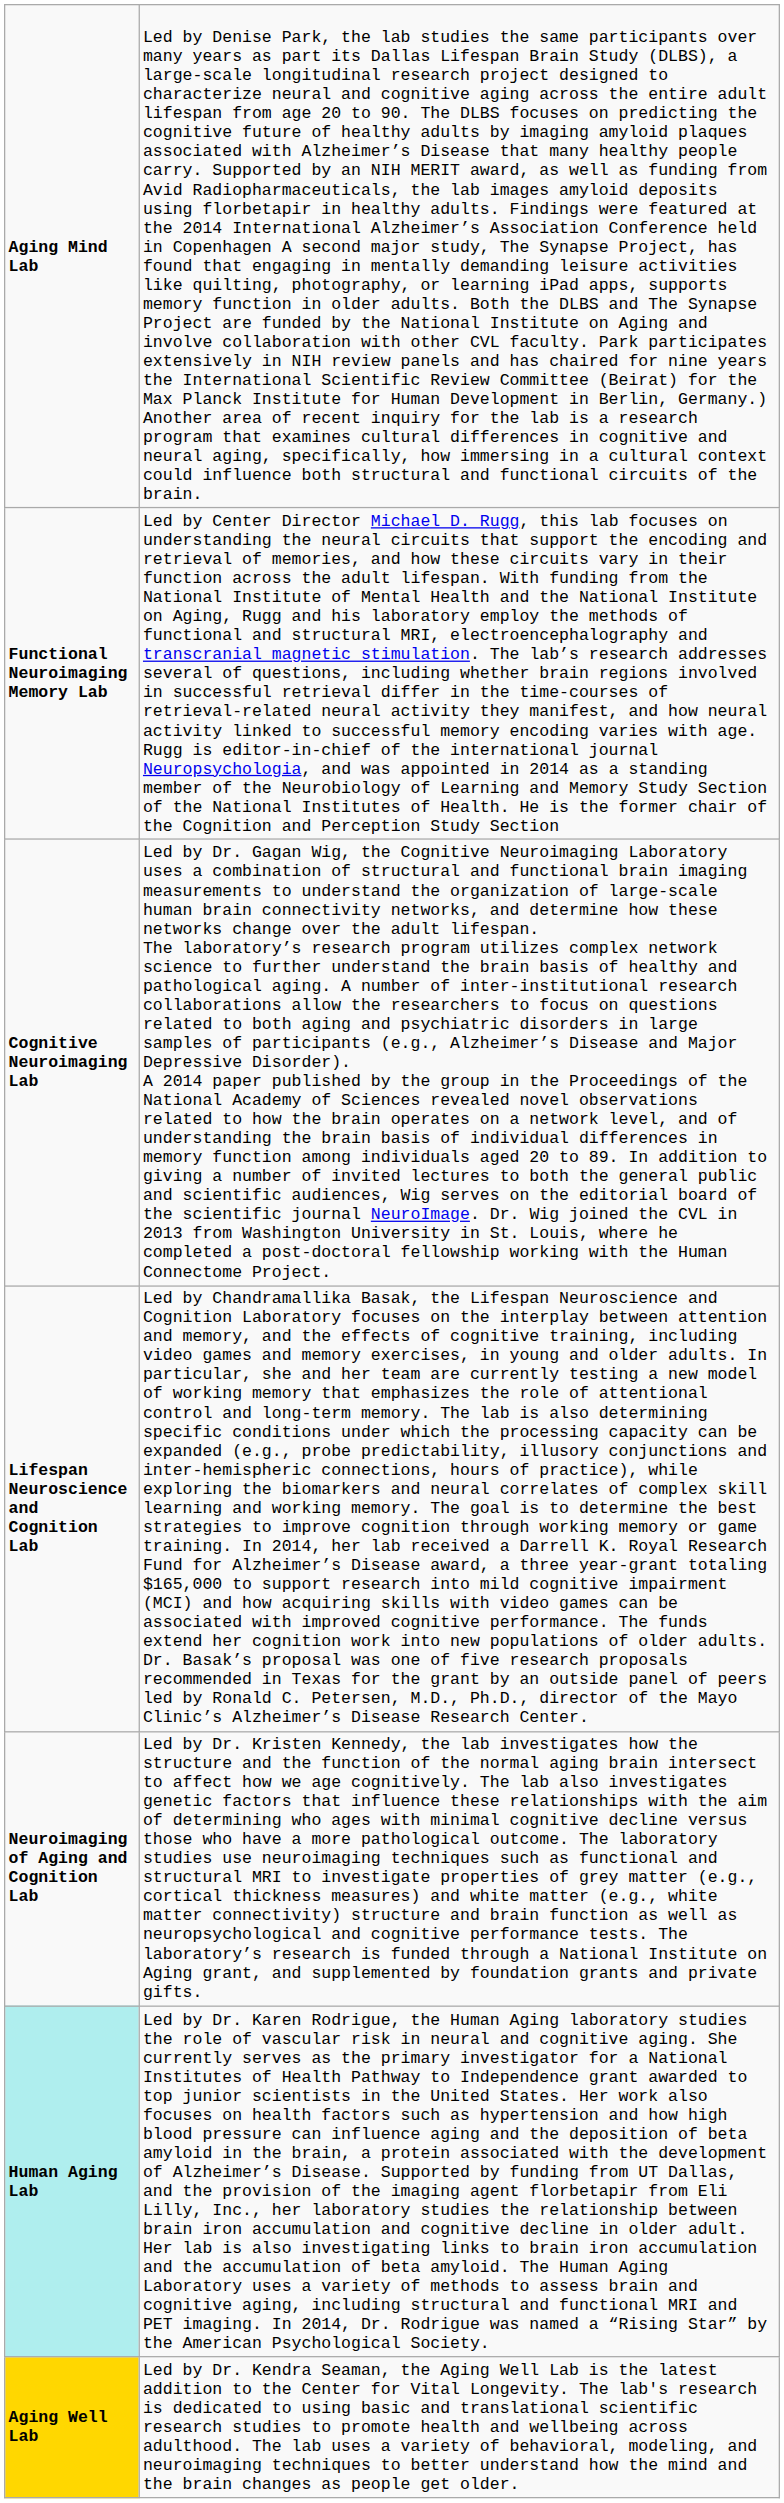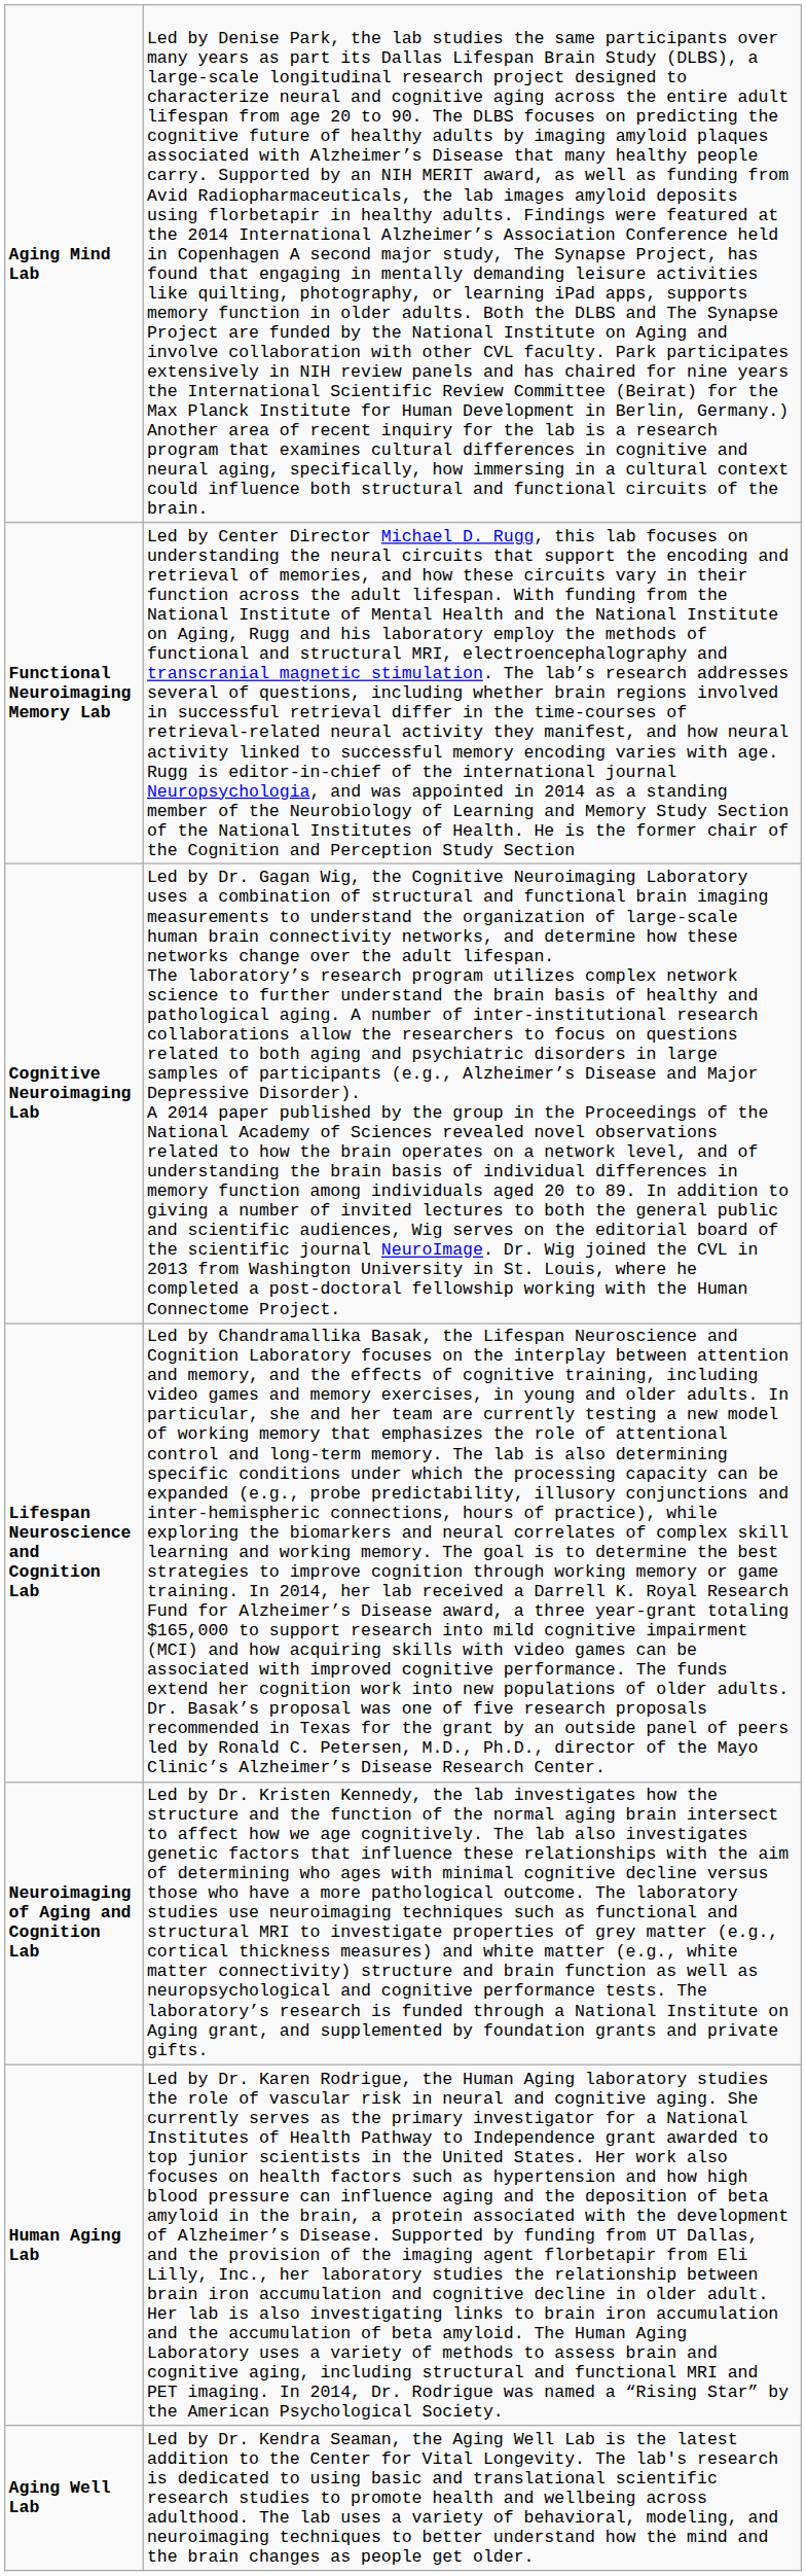 <table class="wikitable">
 <tr>
 <td><strong>Aging Mind Lab</strong> </td>
 <td><br>Led by Denise Park, the lab studies the same participants over many years as part its Dallas Lifespan Brain Study (DLBS), a large-scale longitudinal research project designed to characterize neural and cognitive aging across the entire adult lifespan from age 20 to 90. The DLBS focuses on predicting the cognitive future of healthy adults by imaging amyloid plaques associated with Alzheimer’s Disease that many healthy people carry. Supported by an NIH MERIT award, as well as funding from Avid Radiopharmaceuticals, the lab images amyloid deposits using florbetapir in healthy adults. Findings were featured at the 2014 International Alzheimer’s Association Conference held in Copenhagen  A second major study, The Synapse Project, has found that engaging in mentally demanding leisure activities like quilting, photography, or learning iPad apps, supports memory function in older adults. Both the DLBS and The Synapse Project are funded by the National Institute on Aging and involve collaboration with other CVL faculty. Park participates extensively in NIH review panels and has chaired for nine years the International Scientific Review Committee (Beirat) for the Max Planck Institute for Human Development in Berlin, Germany.) Another area of recent inquiry for the lab is a research program that examines cultural differences in cognitive and neural aging, specifically, how immersing in a cultural context could influence both structural and functional circuits of the brain.</td>
 </tr>
 <tr>
 <td><strong>Functional Neuroimaging Memory Lab</strong></td>
 <td>Led by Center Director <a href='#'>Michael D. Rugg</a>, this lab focuses on understanding the neural circuits that support the encoding and retrieval of memories, and how these circuits vary in their function across the adult lifespan. With funding from the National Institute of Mental Health and the National Institute on Aging, Rugg and his laboratory employ the methods of functional and structural MRI, electroencephalography and <a href='#'>transcranial magnetic stimulation</a>. The lab’s research addresses several of questions, including whether brain regions involved in successful retrieval differ in the time-courses of retrieval-related neural activity they manifest, and how neural activity linked to successful memory encoding varies with age.<br>Rugg is editor-in-chief of the international journal <a href='#'>Neuropsychologia</a>, and was appointed in 2014 as a standing member of the Neurobiology of Learning and Memory Study Section of the National Institutes of Health. He is the former chair of the Cognition and Perception Study Section</td>
 </tr>
 <tr>
 <td><strong>Cognitive Neuroimaging Lab</strong></td>
 <td>Led by Dr. Gagan Wig, the Cognitive Neuroimaging Laboratory uses a combination of structural and functional brain imaging measurements to understand the organization of large-scale human brain connectivity networks, and determine how these networks change over the adult lifespan.<br>The laboratory’s research program utilizes complex network science to further understand the brain basis of healthy and pathological aging. A number of inter-institutional research collaborations allow the researchers to focus on questions related to both aging and psychiatric disorders in large samples of participants (e.g., Alzheimer’s Disease and Major Depressive Disorder).<br>A 2014 paper published by the group in the Proceedings of the National Academy of Sciences revealed novel observations related to how the brain operates on a network level, and of understanding the brain basis of individual differences in memory function among individuals aged 20 to 89. In addition to giving a number of invited lectures to both the general public and scientific audiences, Wig serves on the editorial board of the scientific journal <a href='#'>NeuroImage</a>. Dr. Wig joined the CVL in 2013 from Washington University in St. Louis, where he completed a post-doctoral fellowship working with the Human Connectome Project.</td>
 </tr>
 <tr>
 <td><strong>Lifespan Neuroscience and Cognition Lab</strong></td>
 <td>Led by Chandramallika Basak, the Lifespan Neuroscience and Cognition Laboratory focuses on the interplay between attention and memory, and the effects of cognitive training, including video games and memory exercises, in young and older adults. In particular, she and her team are currently testing a new model of working memory that emphasizes the role of attentional control and long-term memory. The lab is also determining specific conditions under which the processing capacity can be expanded (e.g., probe predictability, illusory conjunctions and inter-hemispheric connections, hours of practice), while exploring the biomarkers and neural correlates of complex skill learning and working memory. The goal is to determine the best strategies to improve cognition through working memory or game training. In 2014, her lab received a Darrell K. Royal Research Fund for Alzheimer’s Disease award, a three year-grant totaling $165,000 to support research into mild cognitive impairment (MCI) and how acquiring skills with video games can be associated with improved cognitive performance. The funds extend her cognition work into new populations of older adults. Dr. Basak’s proposal was one of five research proposals recommended in Texas for the grant by an outside panel of peers led by Ronald C. Petersen, M.D., Ph.D., director of the Mayo Clinic’s Alzheimer’s Disease Research Center.</td>
 </tr>
 <tr>
 <td><strong>Neuroimaging of Aging and Cognition Lab</strong> </td>
 <td>Led by Dr. Kristen Kennedy, the lab investigates how the structure and the function of the normal aging brain intersect to affect how we age cognitively. The lab also investigates genetic factors that influence these relationships with the aim of determining who ages with minimal cognitive decline versus those who have a more pathological outcome. The laboratory studies use neuroimaging techniques such as functional and structural MRI to investigate properties of grey matter (e.g., cortical thickness measures) and white matter (e.g., white matter connectivity) structure and brain function as well as neuropsychological and cognitive performance tests. The laboratory’s research is funded through a National Institute on Aging grant, and supplemented by foundation grants and private gifts.</td>
 </tr>
 <tr>
-<td style="background: paleturquoise;"><strong>Human Aging Lab</strong></td>
+<td><strong>Human Aging Lab</strong></td>
 <td>Led by Dr. Karen Rodrigue, the Human Aging laboratory studies the role of vascular risk in neural and cognitive aging.  She currently serves as the primary investigator for a National Institutes of Health Pathway to Independence grant awarded to top junior scientists in the United States. Her work also focuses on health factors such as hypertension and how high blood pressure can influence aging and the deposition of beta amyloid in the brain, a protein associated with the development of Alzheimer’s Disease. Supported by funding from UT Dallas, and the provision of the imaging agent florbetapir from Eli Lilly, Inc., her laboratory studies the relationship between brain iron accumulation and cognitive decline in older adult. Her lab is also investigating links to brain iron accumulation and the accumulation of beta amyloid. The Human Aging Laboratory uses a variety of methods to assess brain and cognitive aging, including structural and functional MRI and PET imaging. In 2014, Dr. Rodrigue was named a “Rising Star” by the American Psychological Society.</td>
 </tr>
 <tr>
-<td style="background: gold;"><strong>Aging Well Lab</strong></td>
+<td><strong>Aging Well Lab</strong></td>
 <td>Led by Dr. Kendra Seaman, the Aging Well Lab is the latest addition to the Center for Vital Longevity. The lab's research is dedicated to using basic and translational scientific research studies to promote health and wellbeing across adulthood. The lab uses a variety of behavioral, modeling, and neuroimaging techniques to better understand how the mind and the brain changes as people get older.</td>
 </tr>
 </table>
